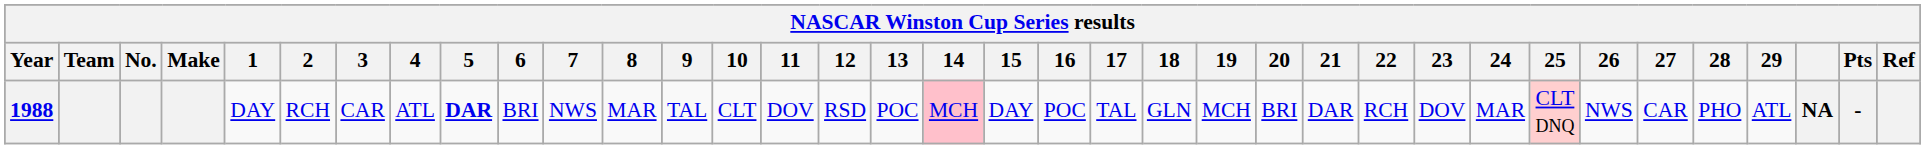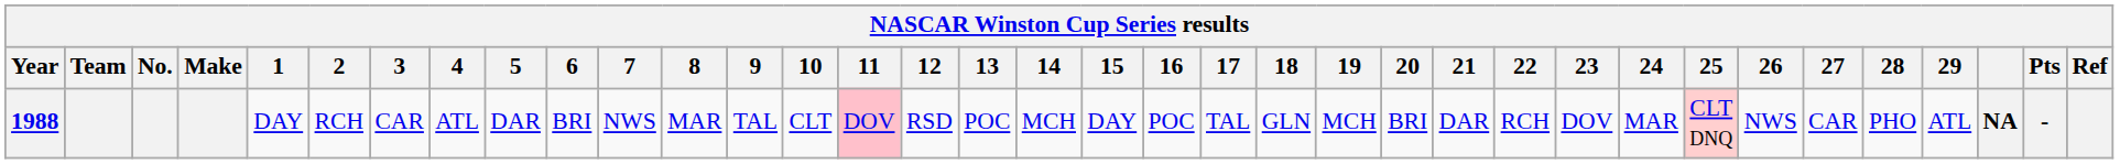 <table class="wikitable" style="text-align:center; font-size:75%">
 <tr>
 <th colspan=45><a href='#'>NASCAR Winston Cup Series</a> results</th>
 </tr>
 <tr>
 <th>Year</th>
 <th>Team</th>
 <th>No.</th>
 <th>Make</th>
 <th>1</th>
 <th>2</th>
 <th>3</th>
 <th>4</th>
 <th>5</th>
 <th>6</th>
 <th>7</th>
 <th>8</th>
 <th>9</th>
 <th>10</th>
 <th>11</th>
 <th>12</th>
 <th>13</th>
 <th>14</th>
 <th>15</th>
 <th>16</th>
 <th>17</th>
 <th>18</th>
 <th>19</th>
 <th>20</th>
 <th>21</th>
 <th>22</th>
 <th>23</th>
 <th>24</th>
 <th>25</th>
 <th>26</th>
 <th>27</th>
 <th>28</th>
 <th>29</th>
 <th></th>
 <th>Pts</th>
 <th>Ref</th>
 </tr>
 <tr>
 <th><a href='#'>1988</a></th>
 <th></th>
 <th></th>
 <th></th>
 <td><a href='#'>DAY</a></td>
 <td><a href='#'>RCH</a></td>
 <td><a href='#'>CAR</a></td>
 <td><a href='#'>ATL</a></td>
-<td><strong><a href='#'>DAR</a></strong></td>
+<td><a href='#'>DAR</a></td>
 <td><a href='#'>BRI</a></td>
 <td><a href='#'>NWS</a></td>
 <td><a href='#'>MAR</a></td>
 <td><a href='#'>TAL</a></td>
 <td><a href='#'>CLT</a></td>
-<td><a href='#'>DOV</a></td>
+<td style="background: pink;"><a href='#'>DOV</a></td>
 <td><a href='#'>RSD</a></td>
 <td><a href='#'>POC</a></td>
-<td style="background: pink;"><a href='#'>MCH</a></td>
+<td><a href='#'>MCH</a></td>
 <td><a href='#'>DAY</a></td>
 <td><a href='#'>POC</a></td>
 <td><a href='#'>TAL</a></td>
 <td><a href='#'>GLN</a></td>
 <td><a href='#'>MCH</a></td>
 <td><a href='#'>BRI</a></td>
 <td><a href='#'>DAR</a></td>
 <td><a href='#'>RCH</a></td>
 <td><a href='#'>DOV</a></td>
 <td><a href='#'>MAR</a></td>
 <td style="background:#FFCFCF;"><a href='#'>CLT</a><br><small>DNQ</small></td>
 <td><a href='#'>NWS</a></td>
 <td><a href='#'>CAR</a></td>
 <td><a href='#'>PHO</a></td>
 <td><a href='#'>ATL</a></td>
 <th>NA</th>
 <th>-</th>
 <th></th>
 </tr>
 </table>
